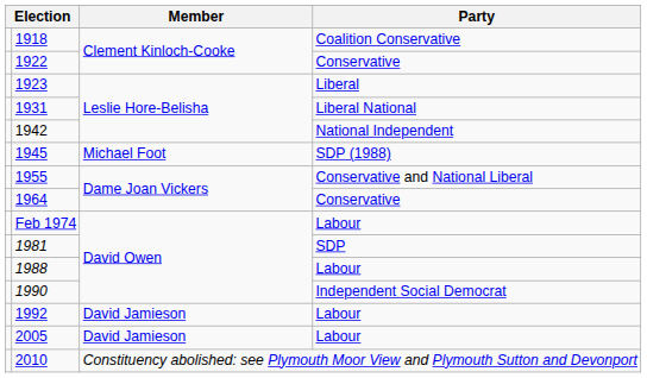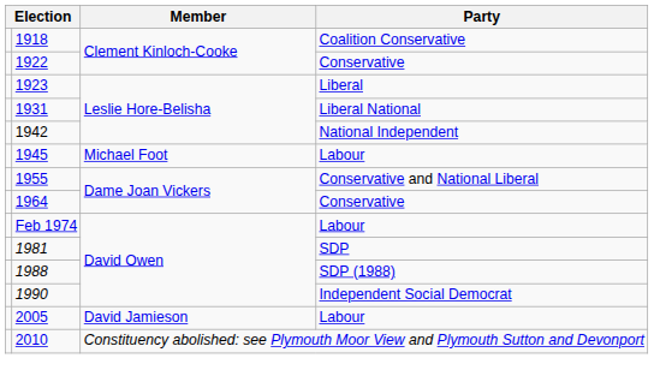 <table class="wikitable">
 <tr>
 <th colspan=2>Election</th>
 <th>Member</th>
 <th>Party</th>
 </tr>
 <tr>
 <td style="color:inherit;background-color: "></td>
 <td><a href='#'>1918</a></td>
 <td rowspan="2"><a href='#'>Clement Kinloch-Cooke</a></td>
 <td><a href='#'>Coalition Conservative</a></td>
 </tr>
 <tr>
 <td style="color:inherit;background-color: "></td>
 <td><a href='#'>1922</a></td>
 <td><a href='#'>Conservative</a></td>
 </tr>
 <tr>
 <td style="color:inherit;background-color: "></td>
 <td><a href='#'>1923</a></td>
 <td rowspan="3"><a href='#'>Leslie Hore-Belisha</a></td>
 <td><a href='#'>Liberal</a></td>
 </tr>
 <tr>
 <td style="color:inherit;background-color: "></td>
 <td><a href='#'>1931</a></td>
 <td><a href='#'>Liberal National</a></td>
 </tr>
 <tr>
 <td style="color:inherit;background-color: "></td>
 <td>1942</td>
 <td><a href='#'>National Independent</a></td>
 </tr>
 <tr>
 <td style="color:inherit;background-color: "></td>
 <td><a href='#'>1945</a></td>
 <td><a href='#'>Michael Foot</a></td>
-<td><a href='#'>SDP (1988)</a></td>
+<td><a href='#'>Labour</a></td>
 </tr>
 <tr>
 <td style="color:inherit;background-color: "></td>
 <td><a href='#'>1955</a></td>
 <td rowspan=2><a href='#'>Dame Joan Vickers</a></td>
 <td><a href='#'>Conservative</a> and <a href='#'>National Liberal</a></td>
 </tr>
 <tr>
 <td style="color:inherit;background-color: "></td>
 <td><a href='#'>1964</a></td>
 <td><a href='#'>Conservative</a></td>
 </tr>
 <tr>
 <td style="color:inherit;background-color: "></td>
 <td><a href='#'>Feb 1974</a></td>
 <td rowspan="4"><a href='#'>David Owen</a></td>
 <td><a href='#'>Labour</a></td>
 </tr>
 <tr>
 <td style="color:inherit;background-color: "></td>
 <td><em>1981</em></td>
 <td><a href='#'>SDP</a></td>
 </tr>
 <tr>
 <td style="color:inherit;background-color: "></td>
 <td><em>1988</em></td>
-<td><a href='#'>Labour</a></td>
+<td><a href='#'>SDP (1988)</a></td>
 </tr>
 <tr>
 <td style="color:inherit;background-color: "></td>
 <td><em>1990</em></td>
 <td><a href='#'>Independent Social Democrat</a></td>
-</tr>
-<tr>
-<td style="color:inherit;background-color: "></td>
-<td><a href='#'>1992</a></td>
-<td><a href='#'>David Jamieson</a></td>
-<td><a href='#'>Labour</a></td>
 </tr>
 <tr>
 <td style="color:inherit;background-color: "></td>
 <td><a href='#'>2005</a></td>
 <td><a href='#'>David Jamieson</a></td>
 <td><a href='#'>Labour</a></td>
 </tr>
 <tr>
 <td></td>
 <td><a href='#'>2010</a></td>
 <td colspan="2"><em>Constituency abolished: see <a href='#'>Plymouth Moor View</a> and <a href='#'>Plymouth Sutton and Devonport</a></em></td>
 </tr>
 </table>
